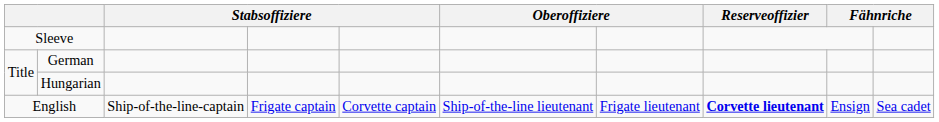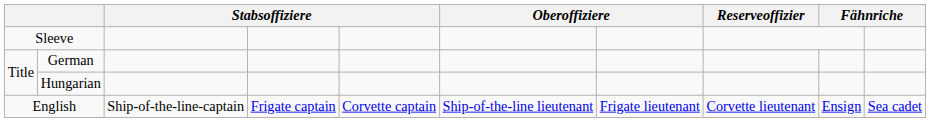 <table class="wikitable">
 <tr style="text-align:center;">
 <th colspan=2></th>
 <th colspan=3><em>Stabsoffiziere</em></th>
 <th colspan=2><em>Oberoffiziere</em></th>
 <th><em>Reserveoffizier</em></th>
 <th colspan=2><em>Fähnriche</em></th>
 </tr>
 <tr style="text-align:center;">
 <td colspan=2>Sleeve</td>
 <td></td>
 <td></td>
 <td></td>
 <td></td>
 <td></td>
 <td colspan=2></td>
 <td></td>
 </tr>
 <tr style="text-align:center;">
 <td rowspan=2>Title</td>
 <td>German</td>
 <td></td>
 <td></td>
 <td></td>
 <td></td>
 <td></td>
 <td></td>
 <td></td>
 <td></td>
 </tr>
 <tr style="text-align:center;">
 <td>Hungarian</td>
 <td></td>
 <td></td>
 <td></td>
 <td></td>
 <td></td>
 <td></td>
 <td></td>
 <td></td>
 </tr>
 <tr style="text-align:center;">
 <td colspan=2>English</td>
 <td>Ship-of-the-line-captain</td>
 <td><a href='#'>Frigate captain</a></td>
 <td><a href='#'>Corvette captain</a></td>
 <td><a href='#'>Ship-of-the-line lieutenant</a></td>
 <td><a href='#'>Frigate lieutenant</a></td>
-<td><strong><a href='#'>Corvette lieutenant</a></strong></td>
+<td><a href='#'>Corvette lieutenant</a></td>
 <td><a href='#'>Ensign</a></td>
 <td><a href='#'>Sea cadet</a></td>
 </tr>
 </table>
